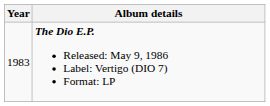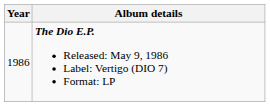 <table class="wikitable">
 <tr>
 <th>Year</th>
 <th style="width:20em">Album details</th>
 </tr>
 <tr>
-<td>1983</td>
+<td>1986</td>
 <td><strong><em>The Dio E.P.</em></strong><br><ul><li>Released: May 9, 1986</li><li>Label: Vertigo (DIO 7)</li><li>Format: LP</li></ul></td>
 </tr>
 </table>
